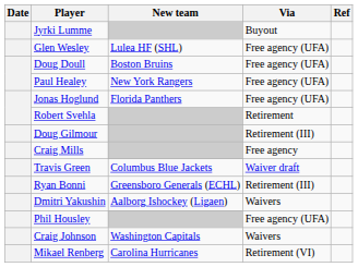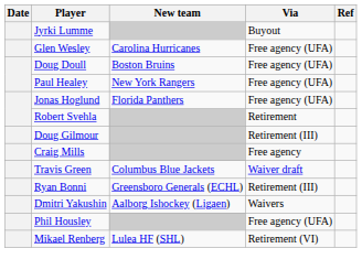 <table class="wikitable plainrowheaders">
 <tr style="background:#ddd; text-align:center;">
 <th>Date</th>
 <th>Player</th>
 <th>New team</th>
 <th>Via</th>
 <th>Ref</th>
 </tr>
 <tr>
 <th scope="row"></th>
 <td><a href='#'>Jyrki Lumme</a></td>
 <td style="background:#ccc"></td>
 <td>Buyout</td>
 <td></td>
 </tr>
 <tr>
 <th scope="row"></th>
 <td><a href='#'>Glen Wesley</a></td>
-<td><a href='#'>Lulea HF</a> (<a href='#'>SHL</a>)</td>
+<td><a href='#'>Carolina Hurricanes</a></td>
 <td>Free agency (UFA)</td>
 <td></td>
 </tr>
 <tr>
 <th scope="row" rowspan=2></th>
 <td><a href='#'>Doug Doull</a></td>
 <td><a href='#'>Boston Bruins</a></td>
 <td>Free agency (UFA)</td>
 <td></td>
 </tr>
 <tr>
 <td><a href='#'>Paul Healey</a></td>
 <td><a href='#'>New York Rangers</a></td>
 <td>Free agency (UFA)</td>
 <td></td>
 </tr>
 <tr>
 <th scope="row" rowspan=2></th>
 <td><a href='#'>Jonas Hoglund</a></td>
 <td><a href='#'>Florida Panthers</a></td>
 <td>Free agency (UFA)</td>
 <td></td>
 </tr>
 <tr>
 <td><a href='#'>Robert Svehla</a></td>
 <td style="background:#ccc"></td>
 <td>Retirement</td>
 <td></td>
 </tr>
 <tr>
 <th scope="row"></th>
 <td><a href='#'>Doug Gilmour</a></td>
 <td style="background:#ccc"></td>
 <td>Retirement (III)</td>
 <td></td>
 </tr>
 <tr>
 <th scope="row"></th>
 <td><a href='#'>Craig Mills</a></td>
 <td style="background:#ccc"></td>
 <td>Free agency</td>
 <td></td>
 </tr>
 <tr>
 <th scope="row"></th>
 <td><a href='#'>Travis Green</a></td>
 <td><a href='#'>Columbus Blue Jackets</a></td>
 <td><a href='#'>Waiver draft</a></td>
 <td></td>
 </tr>
 <tr>
 <th scope="row"></th>
 <td><a href='#'>Ryan Bonni</a></td>
 <td><a href='#'>Greensboro Generals</a> (<a href='#'>ECHL</a>)</td>
 <td>Retirement (III)</td>
 <td></td>
 </tr>
 <tr>
 <th scope="row"></th>
 <td><a href='#'>Dmitri Yakushin</a></td>
 <td><a href='#'>Aalborg Ishockey</a> (<a href='#'>Ligaen</a>)</td>
 <td>Waivers</td>
 <td></td>
 </tr>
 <tr>
 <th scope="row"></th>
 <td><a href='#'>Phil Housley</a></td>
 <td style="background:#ccc"></td>
 <td>Free agency (UFA)</td>
 <td></td>
 </tr>
 <tr>
 <th scope="row"></th>
-<td><a href='#'>Craig Johnson</a></td>
-<td><a href='#'>Washington Capitals</a></td>
-<td>Waivers</td>
-<td></td>
-</tr>
-<tr>
-<th scope="row"></th>
 <td><a href='#'>Mikael Renberg</a></td>
-<td><a href='#'>Carolina Hurricanes</a></td>
+<td><a href='#'>Lulea HF</a> (<a href='#'>SHL</a>)</td>
 <td>Retirement (VI)</td>
 <td></td>
 </tr>
 </table>
